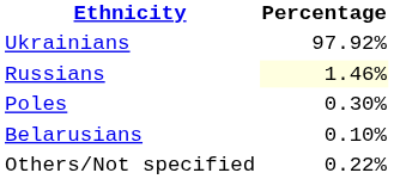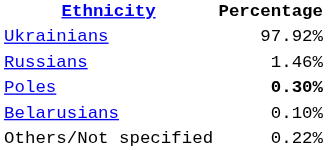 <table class="standard">
 <tr>
 <th><a href='#'>Ethnicity</a></th>
 <th>Percentage</th>
 </tr>
 <tr>
 <td><a href='#'>Ukrainians</a></td>
 <td align="right">97.92%</td>
 </tr>
 <tr>
 <td><a href='#'>Russians</a></td>
-<td align="right" style="background: lightyellow;">1.46%</td>
+<td align="right">1.46%</td>
 </tr>
 <tr>
 <td><a href='#'>Poles</a></td>
-<td align="right">0.30%</td>
+<td align="right"><strong>0.30%</strong></td>
 </tr>
 <tr>
 <td><a href='#'>Belarusians</a></td>
 <td align="right">0.10%</td>
 </tr>
 <tr>
 <td>Others/Not specified</td>
 <td align="right">0.22%</td>
 </tr>
 </table>
